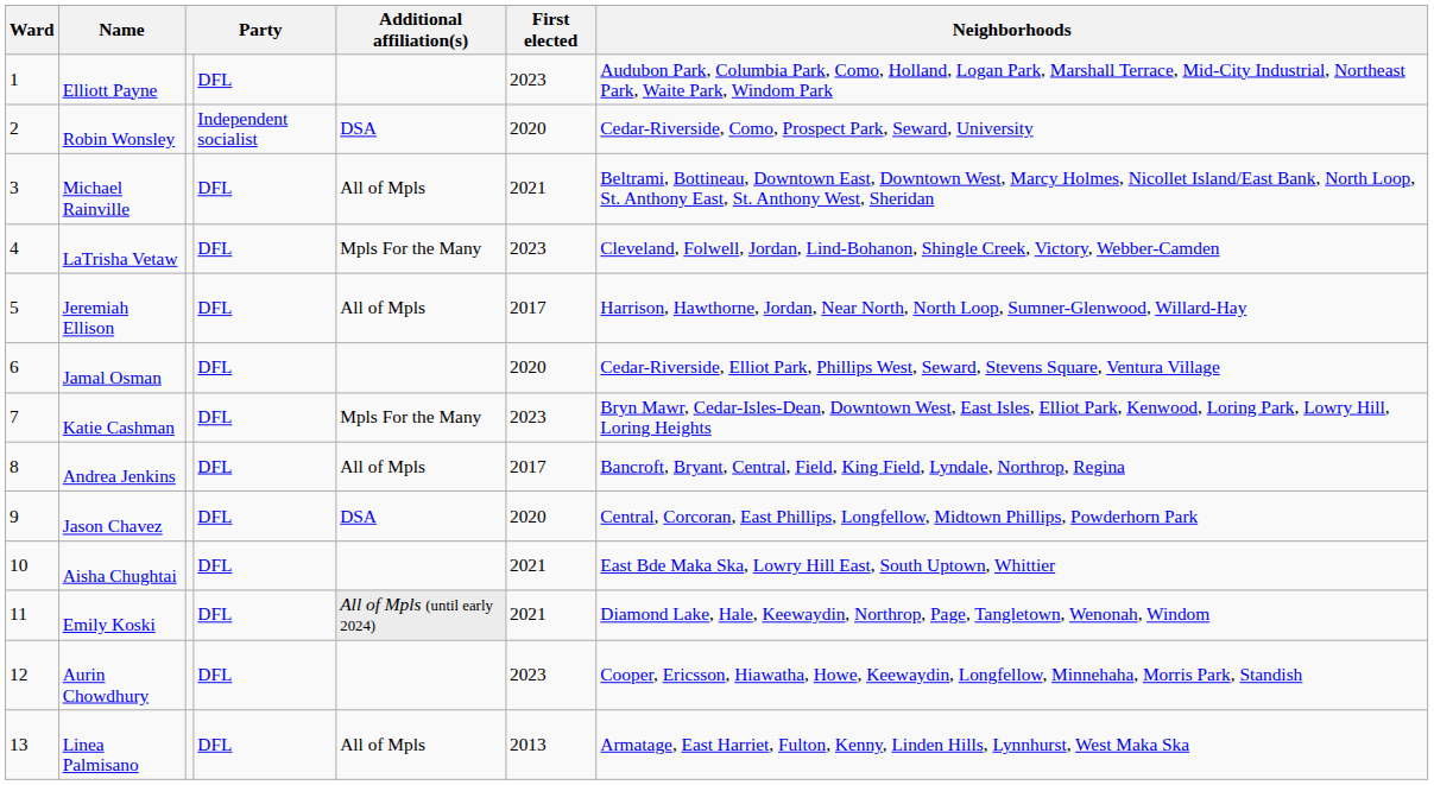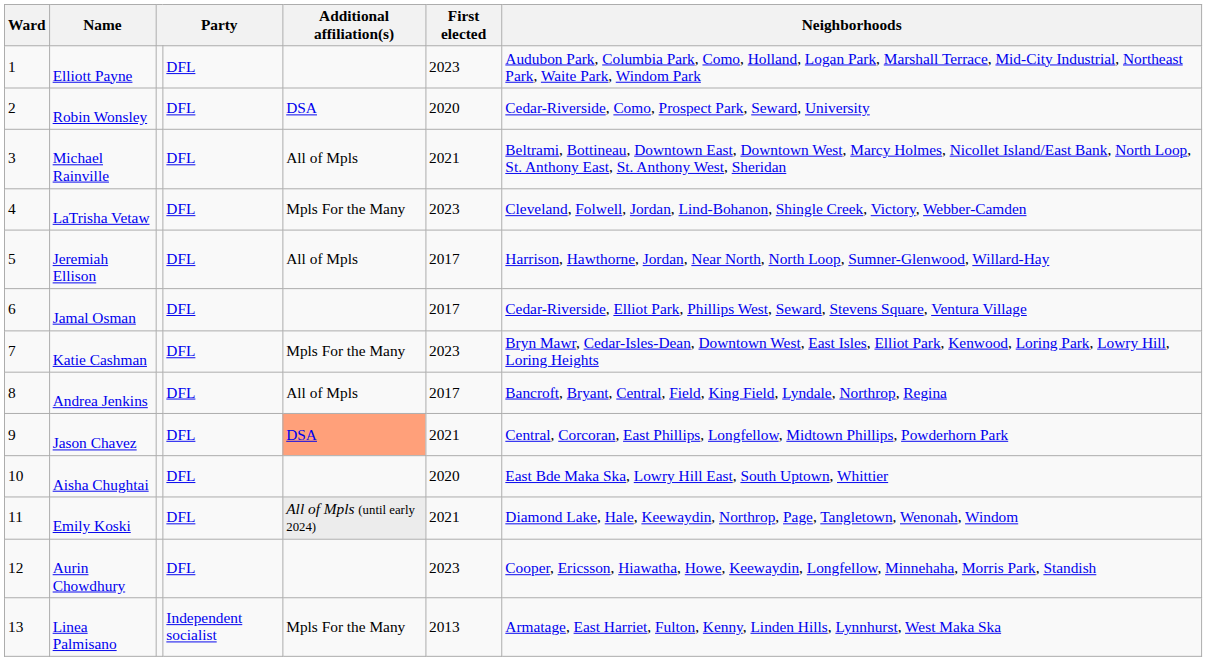 <table class="wikitable">
 <tr>
 <th>Ward</th>
 <th>Name</th>
 <th colspan=2>Party</th>
 <th>Additional affiliation(s)</th>
 <th>First elected</th>
 <th>Neighborhoods</th>
 </tr>
 <tr>
 <td>1</td>
 <td><br><a href='#'>Elliott Payne</a></td>
 <td style="background:"></td>
 <td><a href='#'>DFL</a></td>
 <td></td>
 <td>2023</td>
 <td><a href='#'>Audubon Park</a>, <a href='#'>Columbia Park</a>, <a href='#'>Como</a>, <a href='#'>Holland</a>, <a href='#'>Logan Park</a>, <a href='#'>Marshall Terrace</a>, <a href='#'>Mid-City Industrial</a>, <a href='#'>Northeast Park</a>, <a href='#'>Waite Park</a>, <a href='#'>Windom Park</a></td>
 </tr>
 <tr>
 <td>2</td>
 <td><br><a href='#'>Robin Wonsley</a></td>
 <td style="background:"></td>
-<td><a href='#'>Independent socialist</a></td>
+<td><a href='#'>DFL</a></td>
 <td><a href='#'>DSA</a></td>
 <td>2020</td>
 <td><a href='#'>Cedar-Riverside</a>, <a href='#'>Como</a>, <a href='#'>Prospect Park</a>, <a href='#'>Seward</a>, <a href='#'>University</a></td>
 </tr>
 <tr>
 <td>3</td>
 <td><br><a href='#'>Michael Rainville</a></td>
 <td style="background:"></td>
 <td><a href='#'>DFL</a></td>
 <td>All of Mpls</td>
 <td>2021</td>
 <td><a href='#'>Beltrami</a>, <a href='#'>Bottineau</a>, <a href='#'>Downtown East</a>, <a href='#'>Downtown West</a>, <a href='#'>Marcy Holmes</a>, <a href='#'>Nicollet Island/East Bank</a>, <a href='#'>North Loop</a>, <a href='#'>St. Anthony East</a>, <a href='#'>St. Anthony West</a>, <a href='#'>Sheridan</a></td>
 </tr>
 <tr>
 <td>4</td>
 <td><br><a href='#'>LaTrisha Vetaw</a></td>
 <td style="background:"></td>
 <td><a href='#'>DFL</a></td>
 <td>Mpls For the Many</td>
 <td>2023</td>
 <td><a href='#'>Cleveland</a>, <a href='#'>Folwell</a>, <a href='#'>Jordan</a>, <a href='#'>Lind-Bohanon</a>, <a href='#'>Shingle Creek</a>, <a href='#'>Victory</a>, <a href='#'>Webber-Camden</a></td>
 </tr>
 <tr>
 <td>5</td>
 <td><br><a href='#'>Jeremiah Ellison</a></td>
 <td style="background:"></td>
 <td><a href='#'>DFL</a></td>
 <td>All of Mpls</td>
 <td>2017</td>
 <td><a href='#'>Harrison</a>, <a href='#'>Hawthorne</a>, <a href='#'>Jordan</a>, <a href='#'>Near North</a>, <a href='#'>North Loop</a>, <a href='#'>Sumner-Glenwood</a>, <a href='#'>Willard-Hay</a></td>
 </tr>
 <tr>
 <td>6</td>
 <td><br><a href='#'>Jamal Osman</a></td>
 <td style="background:"></td>
 <td><a href='#'>DFL</a></td>
 <td></td>
-<td>2020</td>
+<td>2017</td>
 <td><a href='#'>Cedar-Riverside</a>, <a href='#'>Elliot Park</a>, <a href='#'>Phillips West</a>, <a href='#'>Seward</a>, <a href='#'>Stevens Square</a>, <a href='#'>Ventura Village</a></td>
 </tr>
 <tr>
 <td>7</td>
 <td><br><a href='#'>Katie Cashman</a></td>
 <td style="background:"></td>
 <td><a href='#'>DFL</a></td>
 <td>Mpls For the Many</td>
 <td>2023</td>
 <td><a href='#'>Bryn Mawr</a>, <a href='#'>Cedar-Isles-Dean</a>, <a href='#'>Downtown West</a>, <a href='#'>East Isles</a>, <a href='#'>Elliot Park</a>, <a href='#'>Kenwood</a>, <a href='#'>Loring Park</a>, <a href='#'>Lowry Hill</a>, <a href='#'>Loring Heights</a></td>
 </tr>
 <tr>
 <td>8</td>
 <td><br><a href='#'>Andrea Jenkins</a></td>
 <td style="background:"></td>
 <td><a href='#'>DFL</a></td>
 <td>All of Mpls</td>
 <td>2017</td>
 <td><a href='#'>Bancroft</a>, <a href='#'>Bryant</a>, <a href='#'>Central</a>, <a href='#'>Field</a>, <a href='#'>King Field</a>, <a href='#'>Lyndale</a>, <a href='#'>Northrop</a>, <a href='#'>Regina</a></td>
 </tr>
 <tr>
 <td>9</td>
 <td><br><a href='#'>Jason Chavez</a></td>
 <td style="background:"></td>
 <td><a href='#'>DFL</a></td>
-<td><a href='#'>DSA</a></td>
-<td>2020</td>
+<td style="background: lightsalmon;"><a href='#'>DSA</a></td>
+<td>2021</td>
 <td><a href='#'>Central</a>, <a href='#'>Corcoran</a>, <a href='#'>East Phillips</a>, <a href='#'>Longfellow</a>, <a href='#'>Midtown Phillips</a>, <a href='#'>Powderhorn Park</a></td>
 </tr>
 <tr>
 <td>10</td>
 <td><br><a href='#'>Aisha Chughtai</a></td>
 <td style="background:"></td>
 <td><a href='#'>DFL</a></td>
 <td></td>
-<td>2021</td>
+<td>2020</td>
 <td><a href='#'>East Bde Maka Ska</a>, <a href='#'>Lowry Hill East</a>, <a href='#'>South Uptown</a>, <a href='#'>Whittier</a></td>
 </tr>
 <tr>
 <td>11</td>
 <td><br><a href='#'>Emily Koski</a></td>
 <td style="background:"></td>
 <td><a href='#'>DFL</a></td>
 <td style="background:#ececec"><em>All of Mpls</em> <small>(until early 2024)</small></td>
 <td>2021</td>
 <td><a href='#'>Diamond Lake</a>, <a href='#'>Hale</a>, <a href='#'>Keewaydin</a>, <a href='#'>Northrop</a>, <a href='#'>Page</a>, <a href='#'>Tangletown</a>, <a href='#'>Wenonah</a>, <a href='#'>Windom</a></td>
 </tr>
 <tr>
 <td>12</td>
 <td><br><a href='#'>Aurin Chowdhury</a></td>
 <td style="background:"></td>
 <td><a href='#'>DFL</a></td>
 <td></td>
 <td>2023</td>
 <td><a href='#'>Cooper</a>, <a href='#'>Ericsson</a>, <a href='#'>Hiawatha</a>, <a href='#'>Howe</a>, <a href='#'>Keewaydin</a>, <a href='#'>Longfellow</a>, <a href='#'>Minnehaha</a>, <a href='#'>Morris Park</a>, <a href='#'>Standish</a></td>
 </tr>
 <tr>
 <td>13</td>
 <td><br><a href='#'>Linea Palmisano</a></td>
 <td style="background:"></td>
-<td><a href='#'>DFL</a></td>
-<td>All of Mpls</td>
+<td><a href='#'>Independent socialist</a></td>
+<td>Mpls For the Many</td>
 <td>2013</td>
 <td><a href='#'>Armatage</a>, <a href='#'>East Harriet</a>, <a href='#'>Fulton</a>, <a href='#'>Kenny</a>, <a href='#'>Linden Hills</a>, <a href='#'>Lynnhurst</a>, <a href='#'>West Maka Ska</a></td>
 </tr>
 </table>
